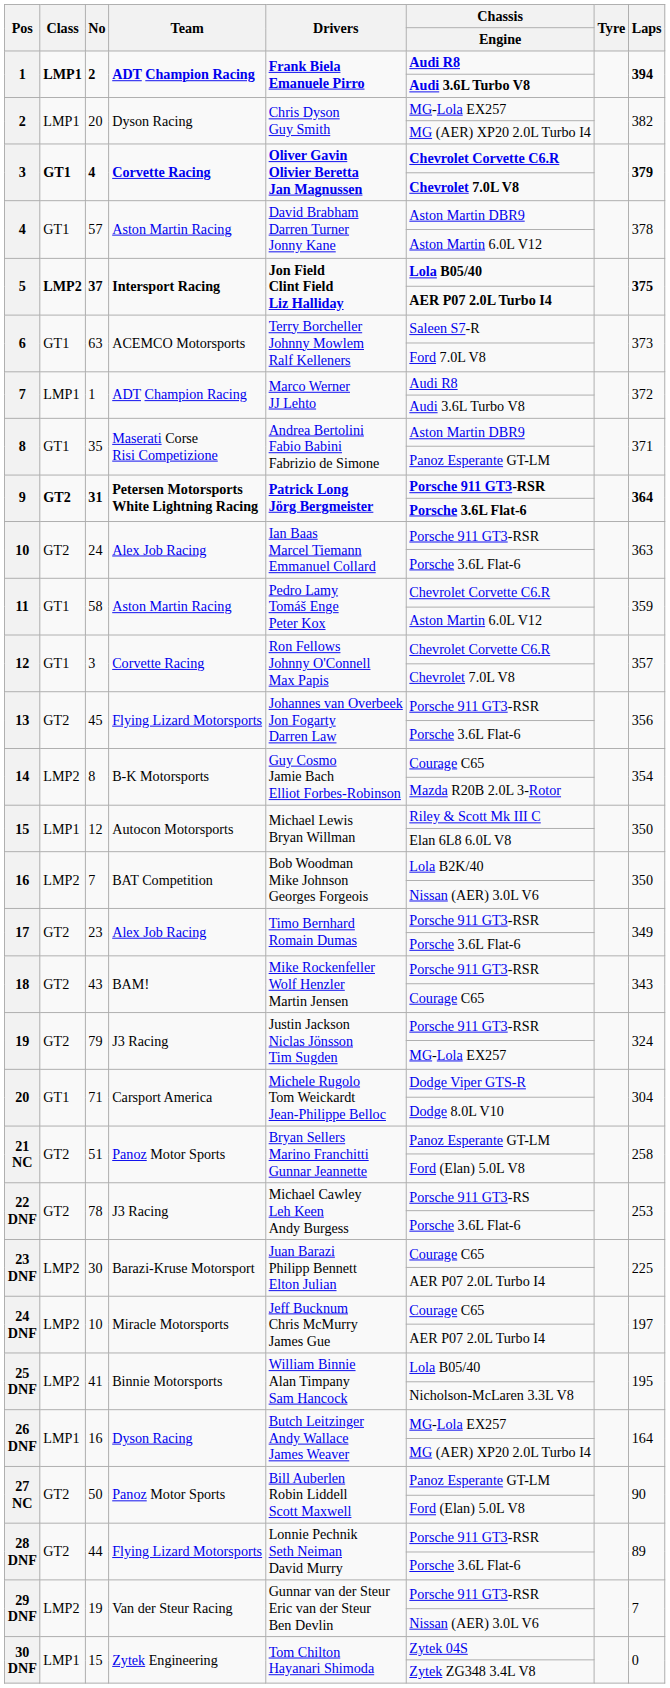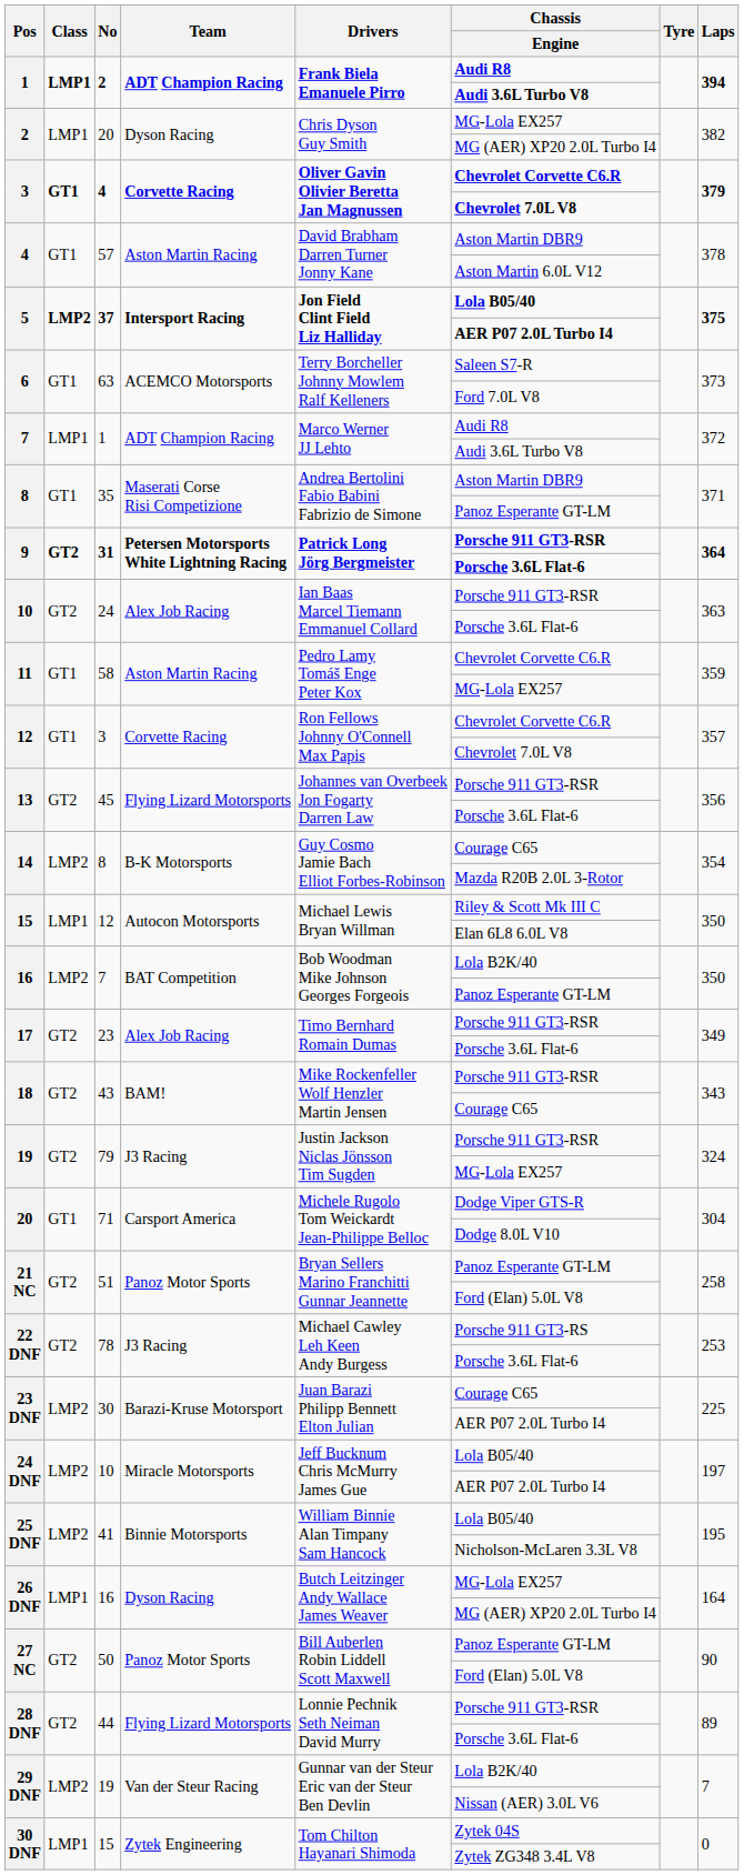 <table class="wikitable" style="font-size: 95%;">
 <tr>
 <th rowspan=2>Pos</th>
 <th rowspan=2>Class</th>
 <th rowspan=2>No</th>
 <th rowspan=2>Team</th>
 <th rowspan=2>Drivers</th>
 <th>Chassis</th>
 <th rowspan=2>Tyre</th>
 <th rowspan=2>Laps</th>
 </tr>
 <tr>
 <th>Engine</th>
 </tr>
 <tr style="font-weight:bold">
 <th rowspan=2>1</th>
 <td rowspan=2>LMP1</td>
 <td rowspan=2>2</td>
 <td rowspan=2> <a href='#'>ADT</a> <a href='#'>Champion Racing</a></td>
 <td rowspan=2> <a href='#'>Frank Biela</a><br> <a href='#'>Emanuele Pirro</a></td>
 <td><a href='#'>Audi R8</a></td>
 <td rowspan=2></td>
 <td rowspan=2>394</td>
 </tr>
 <tr style="font-weight:bold">
 <td><a href='#'>Audi</a> 3.6L Turbo V8</td>
 </tr>
 <tr>
 <th rowspan=2>2</th>
 <td rowspan=2>LMP1</td>
 <td rowspan=2>20</td>
 <td rowspan=2> Dyson Racing</td>
 <td rowspan=2> <a href='#'>Chris Dyson</a><br> <a href='#'>Guy Smith</a></td>
 <td><a href='#'>MG</a>-<a href='#'>Lola</a> EX257</td>
 <td rowspan=2></td>
 <td rowspan=2>382</td>
 </tr>
 <tr>
 <td><a href='#'>MG</a> (AER) XP20 2.0L Turbo I4</td>
 </tr>
 <tr style="font-weight:bold">
 <th rowspan=2>3</th>
 <td rowspan=2>GT1</td>
 <td rowspan=2>4</td>
 <td rowspan=2> <a href='#'>Corvette Racing</a></td>
 <td rowspan=2> <a href='#'>Oliver Gavin</a><br> <a href='#'>Olivier Beretta</a><br> <a href='#'>Jan Magnussen</a></td>
 <td><a href='#'>Chevrolet Corvette C6.R</a></td>
 <td rowspan=2></td>
 <td rowspan=2>379</td>
 </tr>
 <tr style="font-weight:bold">
 <td><a href='#'>Chevrolet</a> 7.0L V8</td>
 </tr>
 <tr>
 <th rowspan=2>4</th>
 <td rowspan=2>GT1</td>
 <td rowspan=2>57</td>
 <td rowspan=2> <a href='#'>Aston Martin Racing</a></td>
 <td rowspan=2> <a href='#'>David Brabham</a><br> <a href='#'>Darren Turner</a><br> <a href='#'>Jonny Kane</a></td>
 <td><a href='#'>Aston Martin DBR9</a></td>
 <td rowspan=2></td>
 <td rowspan=2>378</td>
 </tr>
 <tr>
 <td><a href='#'>Aston Martin</a> 6.0L V12</td>
 </tr>
 <tr style="font-weight:bold">
 <th rowspan=2>5</th>
 <td rowspan=2>LMP2</td>
 <td rowspan=2>37</td>
 <td rowspan=2> Intersport Racing</td>
 <td rowspan=2> Jon Field<br> Clint Field<br> <a href='#'>Liz Halliday</a></td>
 <td><a href='#'>Lola</a> B05/40</td>
 <td rowspan=2></td>
 <td rowspan=2>375</td>
 </tr>
 <tr style="font-weight:bold">
 <td>AER P07 2.0L Turbo I4</td>
 </tr>
 <tr>
 <th rowspan=2>6</th>
 <td rowspan=2>GT1</td>
 <td rowspan=2>63</td>
 <td rowspan=2> ACEMCO Motorsports</td>
 <td rowspan=2> <a href='#'>Terry Borcheller</a><br> <a href='#'>Johnny Mowlem</a><br> <a href='#'>Ralf Kelleners</a></td>
 <td><a href='#'>Saleen S7</a>-R</td>
 <td rowspan=2></td>
 <td rowspan=2>373</td>
 </tr>
 <tr>
 <td><a href='#'>Ford</a> 7.0L V8</td>
 </tr>
 <tr>
 <th rowspan=2>7</th>
 <td rowspan=2>LMP1</td>
 <td rowspan=2>1</td>
 <td rowspan=2> <a href='#'>ADT</a> <a href='#'>Champion Racing</a></td>
 <td rowspan=2> <a href='#'>Marco Werner</a><br> <a href='#'>JJ Lehto</a></td>
 <td><a href='#'>Audi R8</a></td>
 <td rowspan=2></td>
 <td rowspan=2>372</td>
 </tr>
 <tr>
 <td><a href='#'>Audi</a> 3.6L Turbo V8</td>
 </tr>
 <tr>
 <th rowspan=2>8</th>
 <td rowspan=2>GT1</td>
 <td rowspan=2>35</td>
 <td rowspan=2> <a href='#'>Maserati</a> Corse<br> <a href='#'>Risi Competizione</a></td>
 <td rowspan=2> <a href='#'>Andrea Bertolini</a><br> <a href='#'>Fabio Babini</a><br> Fabrizio de Simone</td>
 <td><a href='#'>Aston Martin DBR9</a></td>
 <td rowspan=2></td>
 <td rowspan=2>371</td>
 </tr>
 <tr>
 <td><a href='#'>Panoz Esperante</a> GT-LM</td>
 </tr>
 <tr style="font-weight:bold">
 <th rowspan=2>9</th>
 <td rowspan=2>GT2</td>
 <td rowspan=2>31</td>
 <td rowspan=2> Petersen Motorsports<br> White Lightning Racing</td>
 <td rowspan=2> <a href='#'>Patrick Long</a><br> <a href='#'>Jörg Bergmeister</a></td>
 <td><a href='#'>Porsche 911 GT3</a>-RSR</td>
 <td rowspan=2></td>
 <td rowspan=2>364</td>
 </tr>
 <tr style="font-weight:bold">
 <td><a href='#'>Porsche</a> 3.6L Flat-6</td>
 </tr>
 <tr>
 <th rowspan=2>10</th>
 <td rowspan=2>GT2</td>
 <td rowspan=2>24</td>
 <td rowspan=2> <a href='#'>Alex Job Racing</a></td>
 <td rowspan=2> <a href='#'>Ian Baas</a><br> <a href='#'>Marcel Tiemann</a><br> <a href='#'>Emmanuel Collard</a></td>
 <td><a href='#'>Porsche 911 GT3</a>-RSR</td>
 <td rowspan=2></td>
 <td rowspan=2>363</td>
 </tr>
 <tr>
 <td><a href='#'>Porsche</a> 3.6L Flat-6</td>
 </tr>
 <tr>
 <th rowspan=2>11</th>
 <td rowspan=2>GT1</td>
 <td rowspan=2>58</td>
 <td rowspan=2> <a href='#'>Aston Martin Racing</a></td>
 <td rowspan=2> <a href='#'>Pedro Lamy</a><br> <a href='#'>Tomáš Enge</a><br> <a href='#'>Peter Kox</a></td>
 <td><a href='#'>Chevrolet Corvette C6.R</a></td>
 <td rowspan=2></td>
 <td rowspan=2>359</td>
 </tr>
 <tr>
-<td><a href='#'>Aston Martin</a> 6.0L V12</td>
+<td><a href='#'>MG</a>-<a href='#'>Lola</a> EX257</td>
 </tr>
 <tr>
 <th rowspan=2>12</th>
 <td rowspan=2>GT1</td>
 <td rowspan=2>3</td>
 <td rowspan=2> <a href='#'>Corvette Racing</a></td>
 <td rowspan=2> <a href='#'>Ron Fellows</a><br> <a href='#'>Johnny O'Connell</a><br> <a href='#'>Max Papis</a></td>
 <td><a href='#'>Chevrolet Corvette C6.R</a></td>
 <td rowspan=2></td>
 <td rowspan=2>357</td>
 </tr>
 <tr>
 <td><a href='#'>Chevrolet</a> 7.0L V8</td>
 </tr>
 <tr>
 <th rowspan=2>13</th>
 <td rowspan=2>GT2</td>
 <td rowspan=2>45</td>
 <td rowspan=2> <a href='#'>Flying Lizard Motorsports</a></td>
 <td rowspan=2> <a href='#'>Johannes van Overbeek</a><br> <a href='#'>Jon Fogarty</a><br> <a href='#'>Darren Law</a></td>
 <td><a href='#'>Porsche 911 GT3</a>-RSR</td>
 <td rowspan=2></td>
 <td rowspan=2>356</td>
 </tr>
 <tr>
 <td><a href='#'>Porsche</a> 3.6L Flat-6</td>
 </tr>
 <tr>
 <th rowspan=2>14</th>
 <td rowspan=2>LMP2</td>
 <td rowspan=2>8</td>
 <td rowspan=2> B-K Motorsports</td>
 <td rowspan=2> <a href='#'>Guy Cosmo</a><br> Jamie Bach<br> <a href='#'>Elliot Forbes-Robinson</a></td>
 <td><a href='#'>Courage</a> C65</td>
 <td rowspan=2></td>
 <td rowspan=2>354</td>
 </tr>
 <tr>
 <td><a href='#'>Mazda</a> R20B 2.0L 3-<a href='#'>Rotor</a></td>
 </tr>
 <tr>
 <th rowspan=2>15</th>
 <td rowspan=2>LMP1</td>
 <td rowspan=2>12</td>
 <td rowspan=2> Autocon Motorsports</td>
 <td rowspan=2> Michael Lewis<br> Bryan Willman</td>
 <td><a href='#'>Riley & Scott Mk III C</a></td>
 <td rowspan=2></td>
 <td rowspan=2>350</td>
 </tr>
 <tr>
 <td>Elan 6L8 6.0L V8</td>
 </tr>
 <tr>
 <th rowspan=2>16</th>
 <td rowspan=2>LMP2</td>
 <td rowspan=2>7</td>
 <td rowspan=2> BAT Competition</td>
 <td rowspan=2> Bob Woodman<br> Mike Johnson<br> Georges Forgeois</td>
 <td><a href='#'>Lola</a> B2K/40</td>
 <td rowspan=2></td>
 <td rowspan=2>350</td>
 </tr>
 <tr>
-<td><a href='#'>Nissan</a> (AER) 3.0L V6</td>
+<td><a href='#'>Panoz Esperante</a> GT-LM</td>
 </tr>
 <tr>
 <th rowspan=2>17</th>
 <td rowspan=2>GT2</td>
 <td rowspan=2>23</td>
 <td rowspan=2> <a href='#'>Alex Job Racing</a></td>
 <td rowspan=2> <a href='#'>Timo Bernhard</a><br> <a href='#'>Romain Dumas</a></td>
 <td><a href='#'>Porsche 911 GT3</a>-RSR</td>
 <td rowspan=2></td>
 <td rowspan=2>349</td>
 </tr>
 <tr>
 <td><a href='#'>Porsche</a> 3.6L Flat-6</td>
 </tr>
 <tr>
 <th rowspan=2>18</th>
 <td rowspan=2>GT2</td>
 <td rowspan=2>43</td>
 <td rowspan=2> BAM!</td>
 <td rowspan=2> <a href='#'>Mike Rockenfeller</a><br> <a href='#'>Wolf Henzler</a><br> Martin Jensen</td>
 <td><a href='#'>Porsche 911 GT3</a>-RSR</td>
 <td rowspan=2></td>
 <td rowspan=2>343</td>
 </tr>
 <tr>
 <td><a href='#'>Courage</a> C65</td>
 </tr>
 <tr>
 <th rowspan=2>19</th>
 <td rowspan=2>GT2</td>
 <td rowspan=2>79</td>
 <td rowspan=2> J3 Racing</td>
 <td rowspan=2> Justin Jackson<br> <a href='#'>Niclas Jönsson</a><br> <a href='#'>Tim Sugden</a></td>
 <td><a href='#'>Porsche 911 GT3</a>-RSR</td>
 <td rowspan=2></td>
 <td rowspan=2>324</td>
 </tr>
 <tr>
 <td><a href='#'>MG</a>-<a href='#'>Lola</a> EX257</td>
 </tr>
 <tr>
 <th rowspan=2>20</th>
 <td rowspan=2>GT1</td>
 <td rowspan=2>71</td>
 <td rowspan=2> Carsport America</td>
 <td rowspan=2> <a href='#'>Michele Rugolo</a><br> Tom Weickardt<br> <a href='#'>Jean-Philippe Belloc</a></td>
 <td><a href='#'>Dodge Viper GTS-R</a></td>
 <td rowspan=2></td>
 <td rowspan=2>304</td>
 </tr>
 <tr>
 <td><a href='#'>Dodge</a> 8.0L V10</td>
 </tr>
 <tr>
 <th rowspan=2>21<br>NC</th>
 <td rowspan=2>GT2</td>
 <td rowspan=2>51</td>
 <td rowspan=2> <a href='#'>Panoz</a> Motor Sports</td>
 <td rowspan=2> <a href='#'>Bryan Sellers</a><br> <a href='#'>Marino Franchitti</a><br> <a href='#'>Gunnar Jeannette</a></td>
 <td><a href='#'>Panoz Esperante</a> GT-LM</td>
 <td rowspan=2></td>
 <td rowspan=2>258</td>
 </tr>
 <tr>
 <td><a href='#'>Ford</a> (Elan) 5.0L V8</td>
 </tr>
 <tr>
 <th rowspan=2>22<br>DNF</th>
 <td rowspan=2>GT2</td>
 <td rowspan=2>78</td>
 <td rowspan=2> J3 Racing</td>
 <td rowspan=2> Michael Cawley<br> <a href='#'>Leh Keen</a><br> Andy Burgess</td>
 <td><a href='#'>Porsche 911 GT3</a>-RS</td>
 <td rowspan=2></td>
 <td rowspan=2>253</td>
 </tr>
 <tr>
 <td><a href='#'>Porsche</a> 3.6L Flat-6</td>
 </tr>
 <tr>
 <th rowspan=2>23<br>DNF</th>
 <td rowspan=2>LMP2</td>
 <td rowspan=2>30</td>
 <td rowspan=2> Barazi-Kruse Motorsport</td>
 <td rowspan=2> <a href='#'>Juan Barazi</a><br> Philipp Bennett<br> <a href='#'>Elton Julian</a></td>
 <td><a href='#'>Courage</a> C65</td>
 <td rowspan=2></td>
 <td rowspan=2>225</td>
 </tr>
 <tr>
 <td>AER P07 2.0L Turbo I4</td>
 </tr>
 <tr>
 <th rowspan=2>24<br>DNF</th>
 <td rowspan=2>LMP2</td>
 <td rowspan=2>10</td>
 <td rowspan=2> Miracle Motorsports</td>
 <td rowspan=2> <a href='#'>Jeff Bucknum</a><br> Chris McMurry<br> James Gue</td>
-<td><a href='#'>Courage</a> C65</td>
+<td><a href='#'>Lola</a> B05/40</td>
 <td rowspan=2></td>
 <td rowspan=2>197</td>
 </tr>
 <tr>
 <td>AER P07 2.0L Turbo I4</td>
 </tr>
 <tr>
 <th rowspan=2>25<br>DNF</th>
 <td rowspan=2>LMP2</td>
 <td rowspan=2>41</td>
 <td rowspan=2> Binnie Motorsports</td>
 <td rowspan=2> <a href='#'>William Binnie</a><br> Alan Timpany<br> <a href='#'>Sam Hancock</a></td>
 <td><a href='#'>Lola</a> B05/40</td>
 <td rowspan=2></td>
 <td rowspan=2>195</td>
 </tr>
 <tr>
 <td>Nicholson-McLaren 3.3L V8</td>
 </tr>
 <tr>
 <th rowspan=2>26<br>DNF</th>
 <td rowspan=2>LMP1</td>
 <td rowspan=2>16</td>
 <td rowspan=2> <a href='#'>Dyson Racing</a></td>
 <td rowspan=2> <a href='#'>Butch Leitzinger</a><br> <a href='#'>Andy Wallace</a><br> <a href='#'>James Weaver</a></td>
 <td><a href='#'>MG</a>-<a href='#'>Lola</a> EX257</td>
 <td rowspan=2></td>
 <td rowspan=2>164</td>
 </tr>
 <tr>
 <td><a href='#'>MG</a> (AER) XP20 2.0L Turbo I4</td>
 </tr>
 <tr>
 <th rowspan=2>27<br>NC</th>
 <td rowspan=2>GT2</td>
 <td rowspan=2>50</td>
 <td rowspan=2> <a href='#'>Panoz</a> Motor Sports</td>
 <td rowspan=2> <a href='#'>Bill Auberlen</a><br> Robin Liddell<br> <a href='#'>Scott Maxwell</a></td>
 <td><a href='#'>Panoz Esperante</a> GT-LM</td>
 <td rowspan=2></td>
 <td rowspan=2>90</td>
 </tr>
 <tr>
 <td><a href='#'>Ford</a> (Elan) 5.0L V8</td>
 </tr>
 <tr>
 <th rowspan=2>28<br>DNF</th>
 <td rowspan=2>GT2</td>
 <td rowspan=2>44</td>
 <td rowspan=2> <a href='#'>Flying Lizard Motorsports</a></td>
 <td rowspan=2> Lonnie Pechnik<br> <a href='#'>Seth Neiman</a><br> David Murry</td>
 <td><a href='#'>Porsche 911 GT3</a>-RSR</td>
 <td rowspan=2></td>
 <td rowspan=2>89</td>
 </tr>
 <tr>
 <td><a href='#'>Porsche</a> 3.6L Flat-6</td>
 </tr>
 <tr>
 <th rowspan=2>29<br>DNF</th>
 <td rowspan=2>LMP2</td>
 <td rowspan=2>19</td>
 <td rowspan=2> Van der Steur Racing</td>
 <td rowspan=2> Gunnar van der Steur<br> Eric van der Steur<br> Ben Devlin</td>
-<td><a href='#'>Porsche 911 GT3</a>-RSR</td>
+<td><a href='#'>Lola</a> B2K/40</td>
 <td rowspan=2></td>
 <td rowspan=2>7</td>
 </tr>
 <tr>
 <td><a href='#'>Nissan</a> (AER) 3.0L V6</td>
 </tr>
 <tr>
 <th rowspan=2>30<br>DNF</th>
 <td rowspan=2>LMP1</td>
 <td rowspan=2>15</td>
 <td rowspan=2> <a href='#'>Zytek</a> Engineering</td>
 <td rowspan=2> <a href='#'>Tom Chilton</a><br> <a href='#'>Hayanari Shimoda</a></td>
 <td><a href='#'>Zytek 04S</a></td>
 <td rowspan=2></td>
 <td rowspan=2>0</td>
 </tr>
 <tr>
 <td><a href='#'>Zytek</a> ZG348 3.4L V8</td>
 </tr>
 </table>
